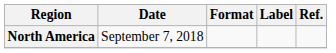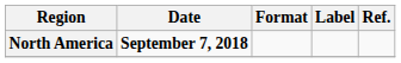 <table class="wikitable plainrowheaders">
 <tr>
 <th scope="col">Region</th>
 <th scope="col">Date</th>
 <th scope="col">Format</th>
 <th scope="col">Label</th>
 <th scope="col">Ref.</th>
 </tr>
 <tr>
 <th scope="row">North America</th>
-<td>September 7, 2018</td>
+<td><strong>September 7, 2018</strong></td>
 <td></td>
 <td></td>
 <td></td>
 </tr>
 <tr>
 </tr>
 </table>
